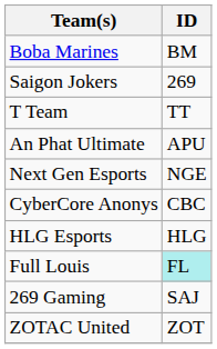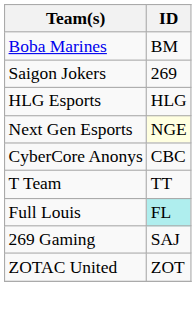 <table class="wikitable">
 <tr>
 <th>Team(s)</th>
 <th>ID</th>
 </tr>
 <tr>
 <td> <a href='#'>Boba Marines</a></td>
 <td>BM</td>
 </tr>
 <tr>
 <td> Saigon Jokers</td>
 <td>269</td>
 </tr>
 <tr>
-<td> T Team</td>
-<td>TT</td>
-</tr>
-<tr>
-<td> An Phat Ultimate</td>
-<td>APU</td>
+<td> HLG Esports</td>
+<td>HLG</td>
 </tr>
 <tr>
 <td> Next Gen Esports</td>
-<td>NGE</td>
+<td style="background: lightyellow;">NGE</td>
 </tr>
 <tr>
 <td> CyberCore Anonys</td>
 <td>CBC</td>
 </tr>
 <tr>
-<td> HLG Esports</td>
-<td>HLG</td>
+<td> T Team</td>
+<td>TT</td>
 </tr>
 <tr>
 <td> Full Louis</td>
 <td style="background: paleturquoise;">FL</td>
 </tr>
 <tr>
 <td> ⁠269 Gaming</td>
 <td>SAJ</td>
 </tr>
 <tr>
 <td> ZOTAC United</td>
 <td>ZOT</td>
 </tr>
 <tr>
 </tr>
 </table>
